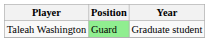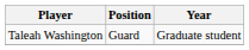 <table class="wikitable" border="1">
 <tr align=center>
 <th style= >Player</th>
 <th style= >Position</th>
 <th style= >Year</th>
 </tr>
 <tr>
 <td>Taleah Washington</td>
-<td style="background: lightgreen;">Guard</td>
+<td>Guard</td>
 <td>Graduate student</td>
 </tr>
 <tr>
 </tr>
 </table>
